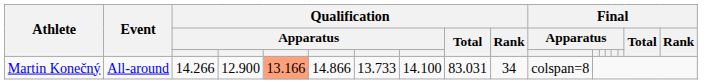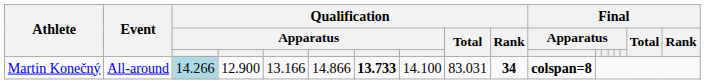 <table class="wikitable" style="font-size:90%">
 <tr>
 <th rowspan=3>Athlete</th>
 <th rowspan=3>Event</th>
 <th colspan =8>Qualification</th>
 <th colspan =8>Final</th>
 </tr>
 <tr style="font-size:95%">
 <th colspan=6>Apparatus</th>
 <th rowspan=2>Total</th>
 <th rowspan=2>Rank</th>
 <th colspan=6>Apparatus</th>
 <th rowspan=2>Total</th>
 <th rowspan=2>Rank</th>
 </tr>
 <tr style="font-size:95%">
 <th></th>
 <th></th>
 <th></th>
 <th></th>
 <th></th>
 <th></th>
 <th></th>
 <th></th>
 <th></th>
 <th></th>
 <th></th>
 <th></th>
 </tr>
 <tr align=center>
 <td align=left><a href='#'>Martin Konečný</a></td>
 <td align=left><a href='#'>All-around</a></td>
-<td>14.266</td>
+<td style="background: lightblue;">14.266</td>
 <td>12.900</td>
-<td style="background: lightsalmon;">13.166</td>
+<td>13.166</td>
 <td>14.866</td>
-<td>13.733</td>
+<td><strong>13.733</strong></td>
 <td>14.100</td>
 <td>83.031</td>
-<td>34</td>
-<td>colspan=8 </td>
+<td><strong>34</strong></td>
+<td><strong>colspan=8 </strong></td>
 </tr>
 </table>
